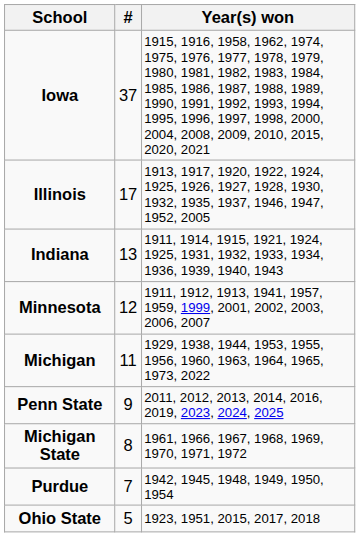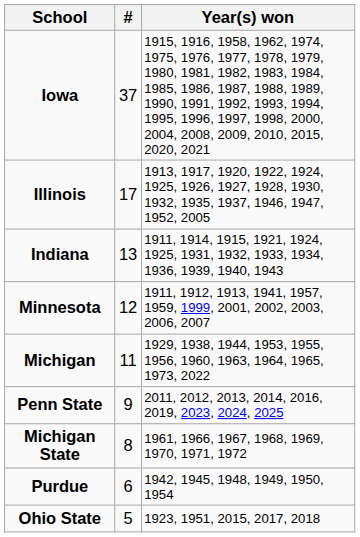 <table class="wikitable sortable" style="text-align:center">
 <tr>
 <th width="100px">School</th>
 <th>#</th>
 <th width="200px">Year(s) won</th>
 </tr>
 <tr>
 <td><strong>Iowa</strong></td>
 <td>37</td>
 <td style="text-align:left; font-size:80%;">1915, 1916, 1958, 1962, 1974, 1975, 1976, 1977, 1978, 1979, 1980, 1981, 1982, 1983, 1984, 1985, 1986, 1987, 1988, 1989, 1990, 1991, 1992, 1993, 1994, 1995, 1996, 1997, 1998, 2000, 2004, 2008, 2009, 2010, 2015, 2020, 2021</td>
 </tr>
 <tr>
 <td><strong>Illinois</strong></td>
 <td>17</td>
 <td style="text-align:left; font-size:80%;">1913, 1917, 1920, 1922, 1924, 1925, 1926, 1927, 1928, 1930, 1932, 1935, 1937, 1946, 1947, 1952, 2005</td>
 </tr>
 <tr>
 <td><strong>Indiana</strong></td>
 <td>13</td>
 <td style="text-align:left; font-size:80%;">1911, 1914, 1915, 1921, 1924, 1925, 1931, 1932, 1933, 1934, 1936, 1939, 1940, 1943</td>
 </tr>
 <tr>
 <td><strong>Minnesota</strong></td>
 <td>12</td>
 <td style="text-align:left; font-size:80%;">1911, 1912, 1913, 1941, 1957, 1959, <a href='#'>1999</a>, 2001, 2002, 2003, 2006, 2007</td>
 </tr>
 <tr>
 <td><strong>Michigan</strong></td>
 <td>11</td>
 <td style="text-align:left; font-size:80%;">1929, 1938, 1944, 1953, 1955, 1956, 1960, 1963, 1964, 1965, 1973, 2022</td>
 </tr>
 <tr>
 <td><strong>Penn State</strong></td>
 <td>9</td>
 <td style="text-align:left; font-size:80%;">2011, 2012, 2013, 2014, 2016, 2019, <a href='#'>2023</a>, <a href='#'>2024</a>, <a href='#'>2025</a></td>
 </tr>
 <tr>
 <td><strong>Michigan State</strong></td>
 <td>8</td>
 <td style="text-align:left; font-size:80%;">1961, 1966, 1967, 1968, 1969, 1970, 1971, 1972</td>
 </tr>
 <tr>
 <td><strong>Purdue</strong></td>
-<td>7</td>
+<td>6</td>
 <td style="text-align:left; font-size:80%;">1942, 1945, 1948, 1949, 1950, 1954</td>
 </tr>
 <tr>
 <td><strong>Ohio State</strong></td>
 <td>5</td>
 <td style="text-align:left; font-size:80%;">1923, 1951, 2015, 2017, 2018</td>
 </tr>
 </table>
